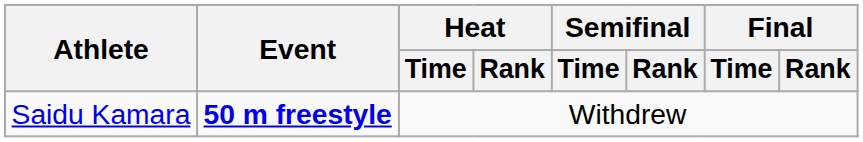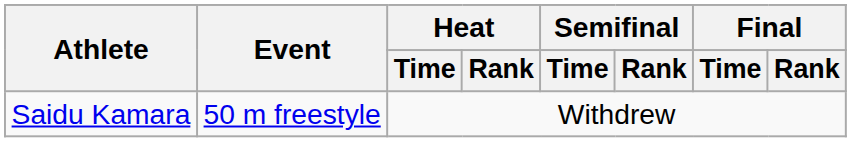 <table class=wikitable style="font-size:90%">
 <tr>
 <th rowspan=2>Athlete</th>
 <th rowspan=2>Event</th>
 <th colspan="2">Heat</th>
 <th colspan="2">Semifinal</th>
 <th colspan="2">Final</th>
 </tr>
 <tr style="font-size:95%">
 <th>Time</th>
 <th>Rank</th>
 <th>Time</th>
 <th>Rank</th>
 <th>Time</th>
 <th>Rank</th>
 </tr>
 <tr align=center>
 <td align=left><a href='#'>Saidu Kamara</a></td>
-<td align=left><strong><a href='#'>50 m freestyle</a></strong></td>
+<td align=left><a href='#'>50 m freestyle</a></td>
 <td colspan=6>Withdrew</td>
 </tr>
 </table>
